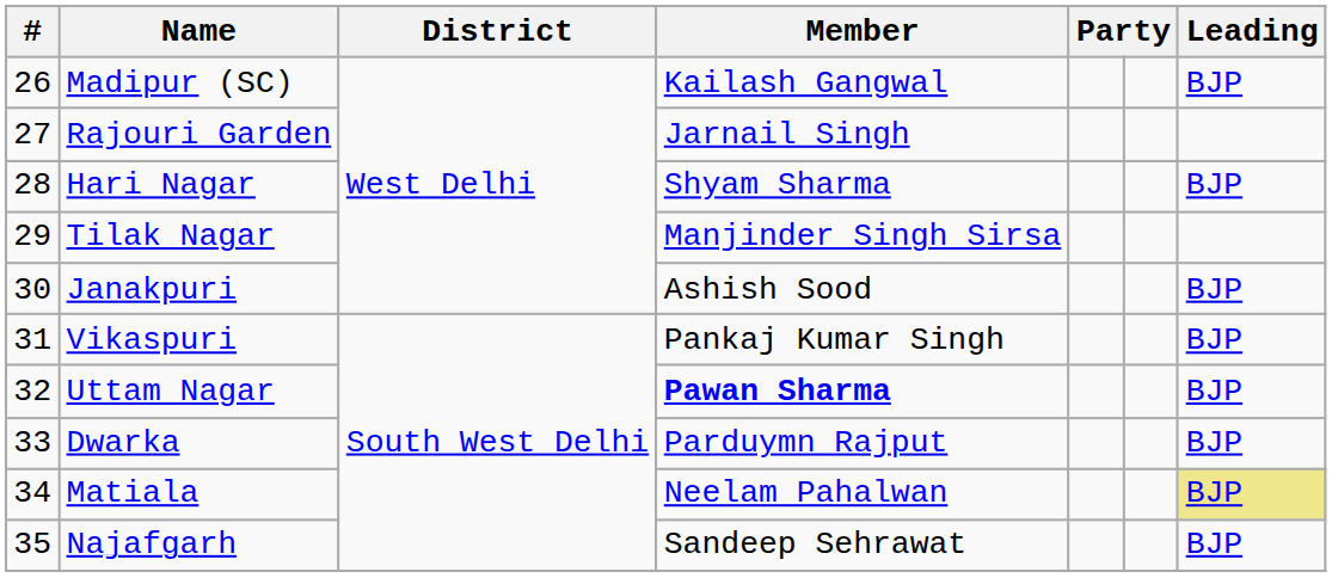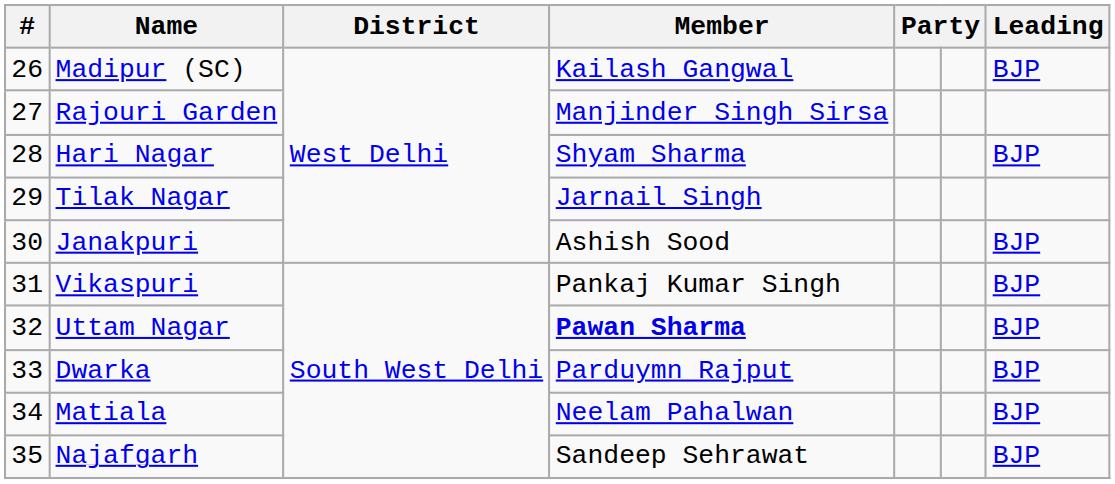 <table class="wikitable">
 <tr>
 <th>#</th>
 <th>Name</th>
 <th>District</th>
 <th>Member</th>
 <th colspan="2">Party</th>
 <th colspan="2">Leading<br></th>
 </tr>
 <tr>
 <td>26</td>
 <td><a href='#'>Madipur</a> (SC)</td>
 <td rowspan="5"><a href='#'>West Delhi</a></td>
 <td><a href='#'>Kailash Gangwal</a></td>
 <td></td>
 <td style="background-color:"></td>
 <td><a href='#'>BJP</a></td>
 </tr>
 <tr>
 <td>27</td>
 <td><a href='#'>Rajouri Garden</a></td>
-<td><a href='#'>Jarnail Singh</a></td>
+<td><a href='#'>Manjinder Singh Sirsa</a></td>
 <td></td>
 <td></td>
 </tr>
 <tr>
 <td>28</td>
 <td><a href='#'>Hari Nagar</a></td>
 <td><a href='#'>Shyam Sharma</a></td>
 <td></td>
 <td style="background-color:"></td>
 <td><a href='#'>BJP</a></td>
 </tr>
 <tr>
 <td>29</td>
 <td><a href='#'>Tilak Nagar</a></td>
-<td><a href='#'>Manjinder Singh Sirsa</a></td>
+<td><a href='#'>Jarnail Singh</a></td>
 <td></td>
 <td></td>
 </tr>
 <tr>
 <td>30</td>
 <td><a href='#'>Janakpuri</a></td>
 <td>Ashish Sood</td>
 <td></td>
 <td style="background-color:"></td>
 <td><a href='#'>BJP</a></td>
 </tr>
 <tr>
 <td>31</td>
 <td><a href='#'>Vikaspuri</a></td>
 <td rowspan="5"><a href='#'>South West Delhi</a></td>
 <td>Pankaj Kumar Singh</td>
 <td></td>
 <td style="background-color:"></td>
 <td><a href='#'>BJP</a></td>
 </tr>
 <tr>
 <td>32</td>
 <td><a href='#'>Uttam Nagar</a></td>
 <td><strong><a href='#'>Pawan Sharma</a></strong></td>
 <td></td>
 <td style="background-color:"></td>
 <td><a href='#'>BJP</a></td>
 </tr>
 <tr>
 <td>33</td>
 <td><a href='#'>Dwarka</a></td>
 <td><a href='#'>Parduymn Rajput</a></td>
 <td></td>
 <td style="background-color:"></td>
 <td><a href='#'>BJP</a></td>
 </tr>
 <tr>
 <td>34</td>
 <td><a href='#'>Matiala</a></td>
 <td><a href='#'>Neelam Pahalwan</a></td>
 <td></td>
 <td style="background-color:"></td>
-<td style="background: khaki;"><a href='#'>BJP</a></td>
+<td><a href='#'>BJP</a></td>
 </tr>
 <tr>
 <td>35</td>
 <td><a href='#'>Najafgarh</a></td>
 <td>Sandeep Sehrawat</td>
 <td></td>
 <td style="background-color:"></td>
 <td><a href='#'>BJP</a></td>
 </tr>
 <tr>
 </tr>
 </table>
